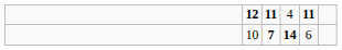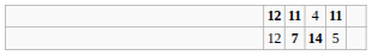 <table class="wikitable">
 <tr>
 <td style="width:18em"></td>
 <td align=center style="width:1em"><strong>12</strong></td>
 <td align=center style="width:1em"><strong>11</strong></td>
 <td align=center style="width:1em">4</td>
 <td align=center style="width:1em"><strong>11</strong></td>
 <td align=center style="width:1em"></td>
 </tr>
 <tr>
 <td style="width:18em"></td>
-<td align=center style="width:1em">10</td>
+<td align=center style="width:1em">12</td>
 <td align=center style="width:1em"><strong>7</strong></td>
 <td align=center style="width:1em"><strong>14</strong></td>
-<td align=center style="width:1em">6</td>
+<td align=center style="width:1em">5</td>
 <td align=center style="width:1em"></td>
 </tr>
 </table>
